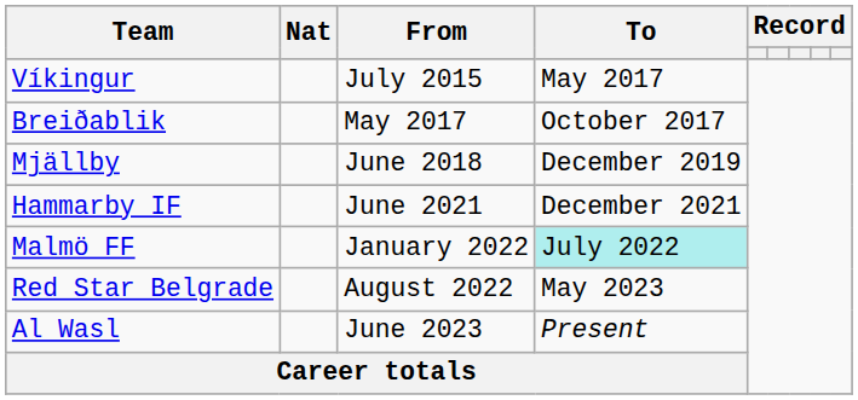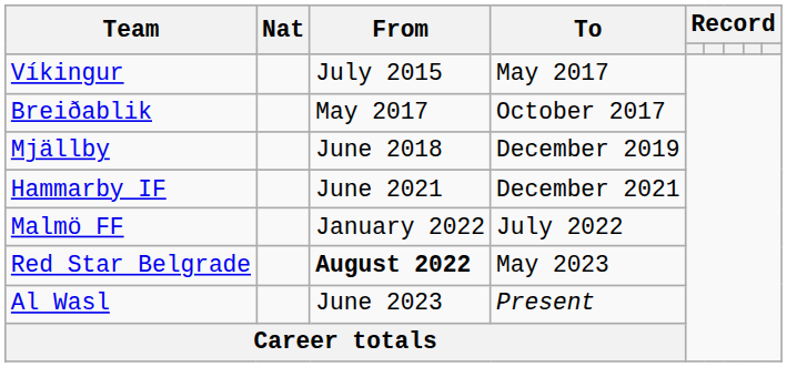 <table class="wikitable" style="text-align: center">
 <tr>
 <th rowspan=2>Team</th>
 <th rowspan=2>Nat</th>
 <th rowspan=2>From</th>
 <th rowspan=2>To</th>
 <th colspan=8>Record</th>
 </tr>
 <tr>
 <th></th>
 <th></th>
 <th></th>
 <th></th>
 <th></th>
 </tr>
 <tr>
 <td align=left><a href='#'>Víkingur</a></td>
 <td></td>
 <td align=left>July 2015</td>
 <td align=left>May 2017<br></td>
 </tr>
 <tr>
 <td align=left><a href='#'>Breiðablik</a></td>
 <td></td>
 <td align=left>May 2017</td>
 <td align=left>October 2017<br></td>
 </tr>
 <tr>
 <td align=left><a href='#'>Mjällby</a></td>
 <td></td>
 <td align=left>June 2018</td>
 <td align=left>December 2019<br></td>
 </tr>
 <tr>
 <td align=left><a href='#'>Hammarby IF</a></td>
 <td></td>
 <td align=left>June 2021</td>
 <td align=left>December 2021<br></td>
 </tr>
 <tr>
 <td align=left><a href='#'>Malmö FF</a></td>
 <td></td>
 <td align=left>January  2022</td>
-<td align=left style="background: paleturquoise;">July 2022<br></td>
+<td align=left>July 2022<br></td>
 </tr>
 <tr>
 <td align=left><a href='#'>Red Star Belgrade</a></td>
 <td></td>
-<td align=left>August 2022</td>
+<td align=left><strong>August 2022</strong></td>
 <td align=left>May 2023<br></td>
 </tr>
 <tr>
 <td align=left><a href='#'>Al Wasl</a></td>
 <td></td>
 <td align=left>June 2023</td>
 <td align=left><em>Present</em><br></td>
 </tr>
 <tr>
 <th colspan=4>Career totals<br></th>
 </tr>
 </table>
